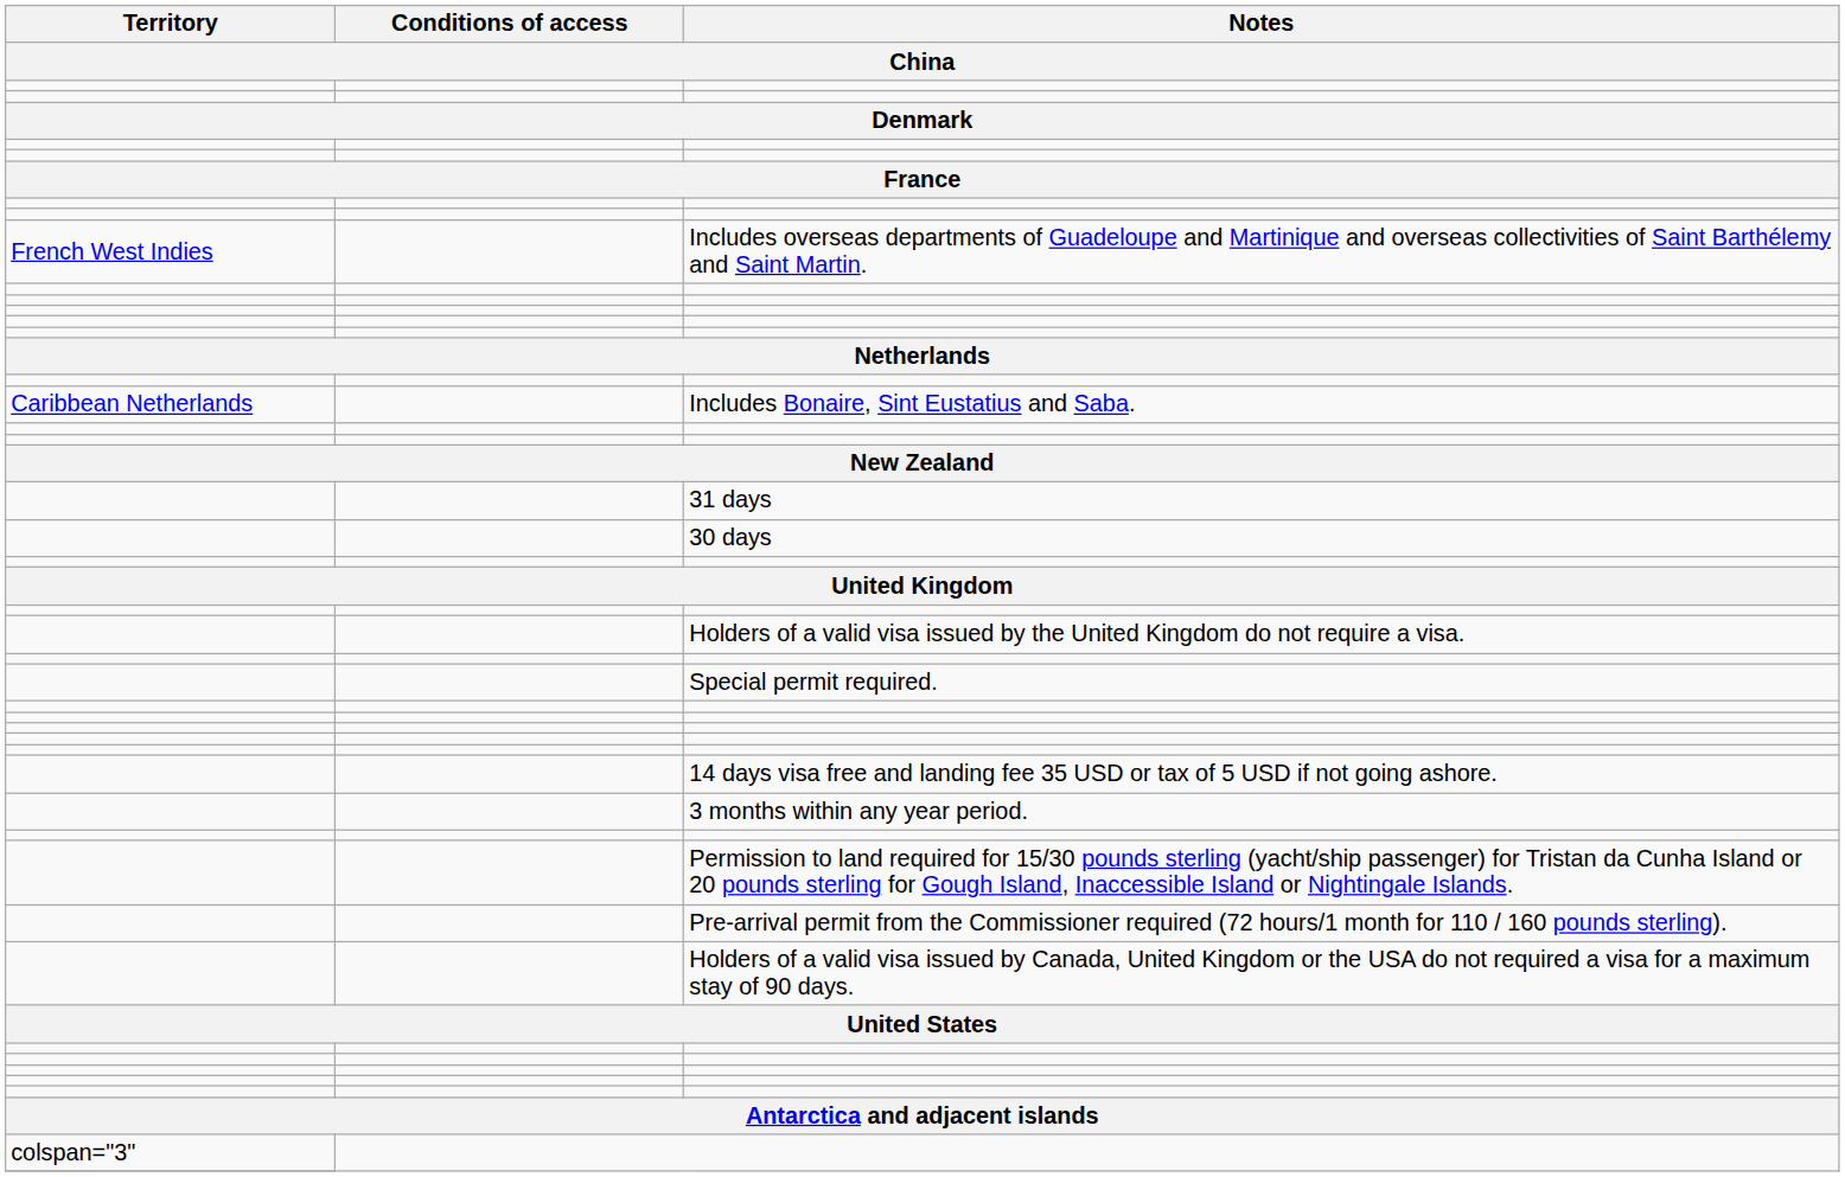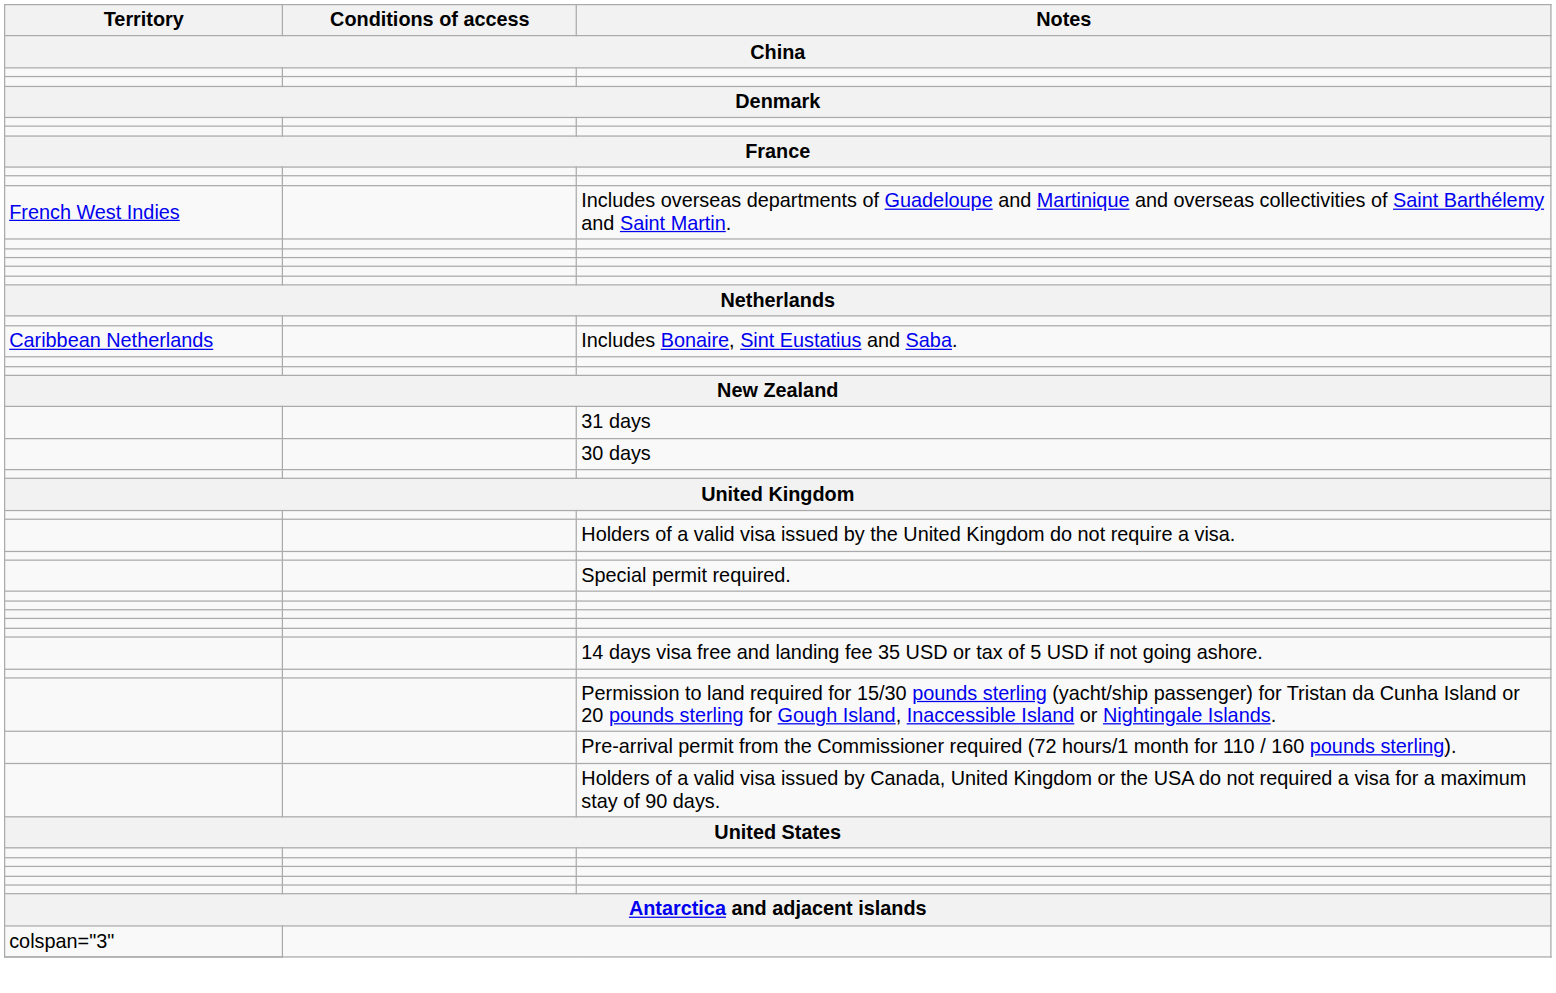 <table class="wikitable" style="text-align: left; table-layout: fixed;">
 <tr>
 <th width="18%">Territory</th>
 <th width="19%">Conditions of access</th>
 <th>Notes</th>
 </tr>
 <tr>
 <th colspan="3">China</th>
 </tr>
 <tr>
 <td></td>
 <td></td>
 <td></td>
 </tr>
 <tr>
 <td></td>
 <td></td>
 <td></td>
 </tr>
 <tr>
 <th colspan="3">Denmark</th>
 </tr>
 <tr>
 <td></td>
 <td></td>
 <td></td>
 </tr>
 <tr>
 <td></td>
 <td></td>
 <td></td>
 </tr>
 <tr>
 <th colspan="3">France</th>
 </tr>
 <tr>
 <td></td>
 <td></td>
 <td></td>
 </tr>
 <tr>
 <td></td>
 <td></td>
 <td></td>
 </tr>
 <tr>
 <td> <a href='#'>French West Indies</a></td>
 <td></td>
 <td>Includes overseas departments of <a href='#'>Guadeloupe</a> and <a href='#'>Martinique</a> and overseas collectivities of <a href='#'>Saint Barthélemy</a> and <a href='#'>Saint Martin</a>.</td>
 </tr>
 <tr>
 <td></td>
 <td></td>
 <td></td>
 </tr>
 <tr>
 <td></td>
 <td></td>
 <td></td>
 </tr>
 <tr>
 <td></td>
 <td></td>
 <td></td>
 </tr>
 <tr>
 <td></td>
 <td></td>
 <td></td>
 </tr>
 <tr>
 <td></td>
 <td></td>
 <td></td>
 </tr>
 <tr>
 <th colspan="3">Netherlands</th>
 </tr>
 <tr>
 <td></td>
 <td></td>
 <td></td>
 </tr>
 <tr>
 <td> <a href='#'>Caribbean Netherlands</a></td>
 <td></td>
 <td>Includes <a href='#'>Bonaire</a>, <a href='#'>Sint Eustatius</a> and <a href='#'>Saba</a>.</td>
 </tr>
 <tr>
 <td></td>
 <td></td>
 <td></td>
 </tr>
 <tr>
 <td></td>
 <td></td>
 <td></td>
 </tr>
 <tr>
 <th colspan="3">New Zealand</th>
 </tr>
 <tr>
 <td></td>
 <td></td>
 <td>31 days</td>
 </tr>
 <tr>
 <td></td>
 <td></td>
 <td>30 days</td>
 </tr>
 <tr>
 <td></td>
 <td></td>
 <td></td>
 </tr>
 <tr>
 <th colspan="3">United Kingdom</th>
 </tr>
 <tr>
 <td></td>
 <td></td>
 <td></td>
 </tr>
 <tr>
 <td></td>
 <td></td>
 <td>Holders of a valid visa issued by the United Kingdom do not require a visa.</td>
 </tr>
 <tr>
 <td></td>
 <td></td>
 <td></td>
 </tr>
 <tr>
 <td></td>
 <td></td>
 <td>Special permit required.</td>
 </tr>
 <tr>
 <td></td>
 <td></td>
 <td></td>
 </tr>
 <tr>
 <td></td>
 <td></td>
 <td></td>
 </tr>
 <tr>
 <td></td>
 <td></td>
 <td></td>
 </tr>
 <tr>
 <td></td>
 <td></td>
 <td></td>
 </tr>
 <tr>
 <td></td>
 <td></td>
 <td></td>
 </tr>
 <tr>
 <td></td>
 <td></td>
 <td>14 days visa free and landing fee 35 USD or tax of 5 USD if not going ashore.</td>
 </tr>
 <tr>
 <td></td>
 <td></td>
-<td>3 months within any year period.</td>
-</tr>
-<tr>
-<td></td>
-<td></td>
 <td></td>
 </tr>
 <tr>
 <td></td>
 <td></td>
 <td>Permission to land required for 15/30 <a href='#'>pounds sterling</a> (yacht/ship passenger) for Tristan da Cunha Island or 20 <a href='#'>pounds sterling</a> for <a href='#'>Gough Island</a>, <a href='#'>Inaccessible Island</a> or <a href='#'>Nightingale Islands</a>.</td>
 </tr>
 <tr>
 <td></td>
 <td></td>
 <td>Pre-arrival permit from the Commissioner required (72 hours/1 month for 110 / 160 <a href='#'>pounds sterling</a>).</td>
 </tr>
 <tr>
 <td></td>
 <td></td>
 <td>Holders of a valid visa issued by Canada, United Kingdom or the USA do not required a visa for a maximum stay of 90 days.</td>
 </tr>
 <tr>
 <th colspan="3">United States</th>
 </tr>
 <tr>
 <td></td>
 <td></td>
 <td></td>
 </tr>
 <tr>
 <td></td>
 <td></td>
 <td></td>
 </tr>
 <tr>
 <td></td>
 <td></td>
 <td></td>
 </tr>
 <tr>
 <td></td>
 <td></td>
 <td></td>
 </tr>
 <tr>
 <td></td>
 <td></td>
 <td></td>
 </tr>
 <tr>
 <th colspan="3"><a href='#'>Antarctica</a> and adjacent islands</th>
 </tr>
 <tr>
 <td>colspan="3" </td>
 </tr>
 <tr>
 </tr>
 </table>
